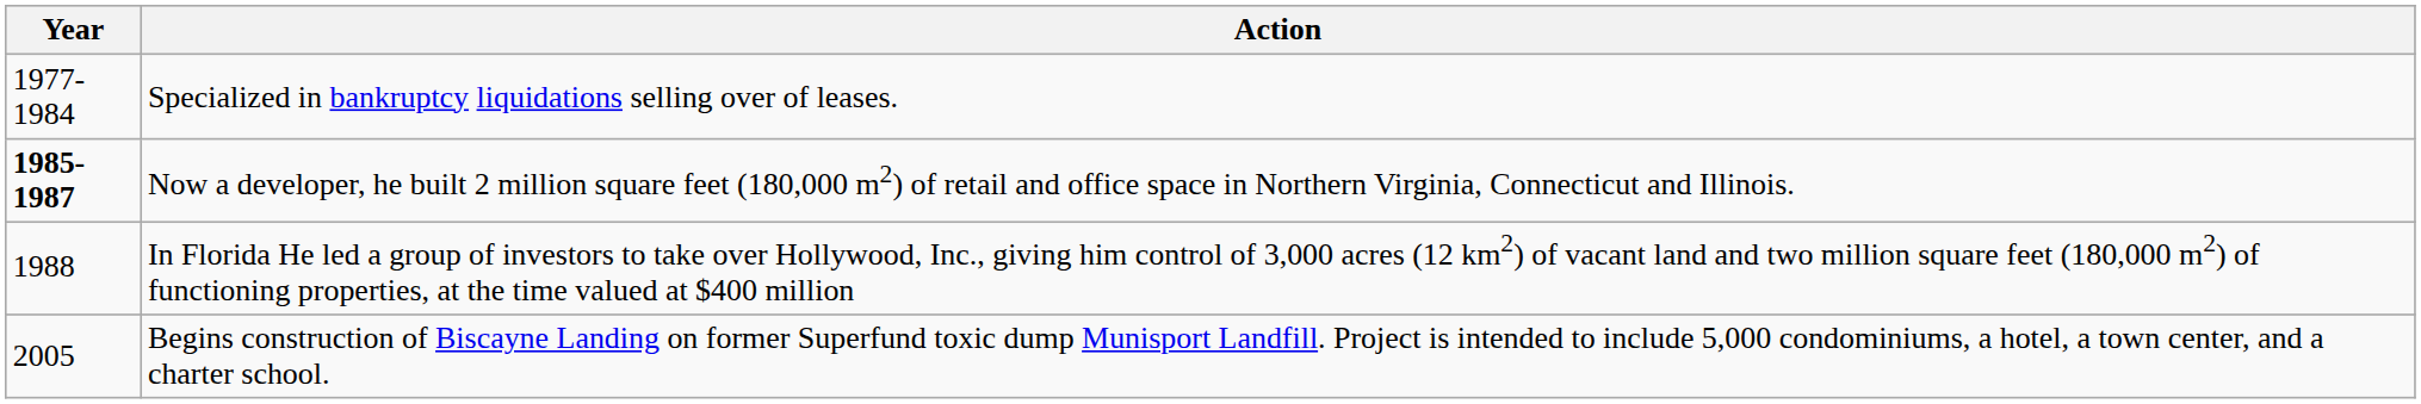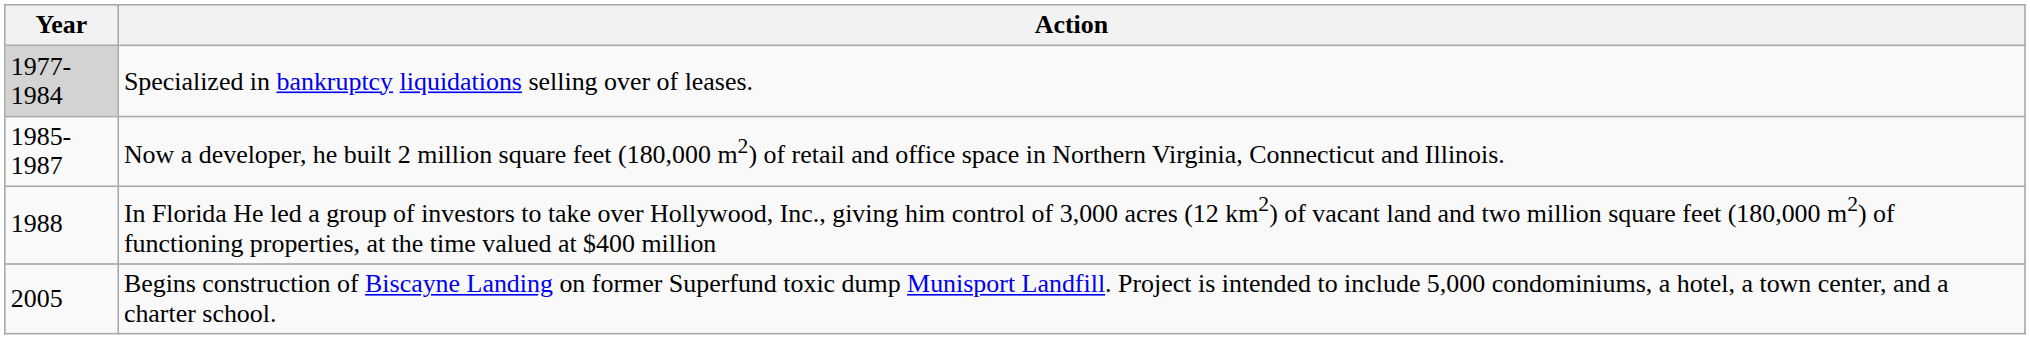 <table class="wikitable">
 <tr>
 <th>Year</th>
 <th>Action</th>
 </tr>
 <tr>
-<td>1977-1984</td>
+<td style="background: lightgrey;">1977-1984</td>
 <td>Specialized in <a href='#'>bankruptcy</a> <a href='#'>liquidations</a> selling over  of leases.</td>
 </tr>
 <tr>
-<td><strong>1985-1987</strong></td>
+<td>1985-1987</td>
 <td>Now a developer, he built 2 million square feet (180,000 m<sup>2</sup>) of retail and office space in Northern Virginia, Connecticut and Illinois.</td>
 </tr>
 <tr>
 <td>1988</td>
 <td>In Florida He led a group of investors to take over Hollywood, Inc., giving him control of 3,000 acres (12 km<sup>2</sup>) of vacant land and two million square feet (180,000 m<sup>2</sup>) of functioning properties, at the time valued at $400 million</td>
 </tr>
 <tr>
 <td>2005</td>
 <td>Begins construction of <a href='#'>Biscayne Landing</a> on former Superfund toxic dump <a href='#'>Munisport Landfill</a>.  Project is intended to include 5,000 condominiums, a hotel, a town center, and a charter school.</td>
 </tr>
 </table>
